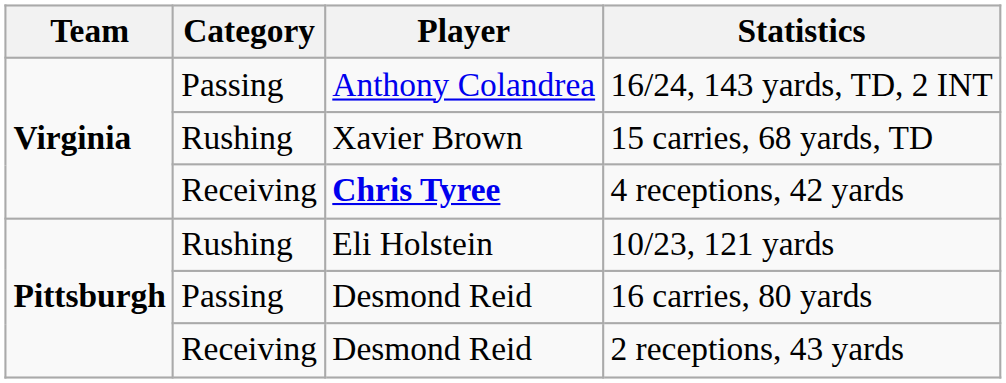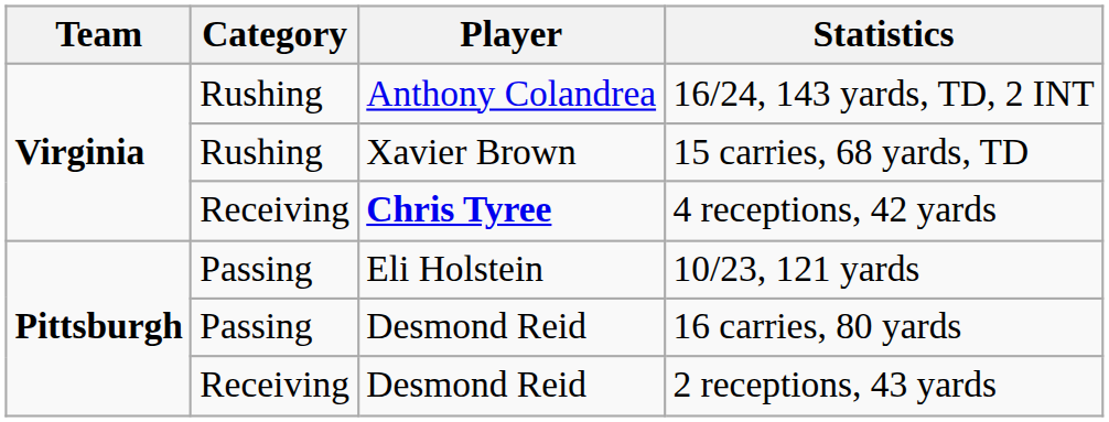 <table class="wikitable" style="float: right;">
 <tr>
 <th>Team</th>
 <th>Category</th>
 <th>Player</th>
 <th>Statistics</th>
 </tr>
 <tr>
 <td rowspan=3><strong>Virginia</strong></td>
-<td>Passing</td>
+<td>Rushing</td>
 <td><a href='#'>Anthony Colandrea</a></td>
 <td>16/24, 143 yards, TD, 2 INT</td>
 </tr>
 <tr>
 <td>Rushing</td>
 <td>Xavier Brown</td>
 <td>15 carries, 68 yards, TD</td>
 </tr>
 <tr>
 <td>Receiving</td>
 <td><strong><a href='#'>Chris Tyree</a></strong></td>
 <td>4 receptions, 42 yards</td>
 </tr>
 <tr>
 <td rowspan=3><strong>Pittsburgh</strong></td>
-<td>Rushing</td>
+<td>Passing</td>
 <td>Eli Holstein</td>
 <td>10/23, 121 yards</td>
 </tr>
 <tr>
 <td>Passing</td>
 <td>Desmond Reid</td>
 <td>16 carries, 80 yards</td>
 </tr>
 <tr>
 <td>Receiving</td>
 <td>Desmond Reid</td>
 <td>2 receptions, 43 yards</td>
 </tr>
 </table>
